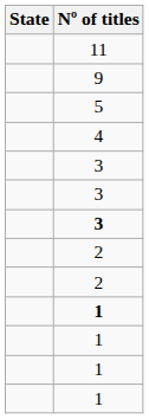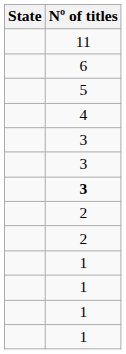 <table class="sortable wikitable">
 <tr>
 <th>State</th>
 <th>Nº of titles</th>
 </tr>
 <tr>
 <td></td>
 <td align=center>11</td>
 </tr>
 <tr>
 <td></td>
-<td align=center>9</td>
+<td align=center>6</td>
 </tr>
 <tr>
 <td></td>
 <td align=center>5</td>
 </tr>
 <tr>
 <td></td>
 <td align=center>4</td>
 </tr>
 <tr>
 <td></td>
 <td align=center>3</td>
 </tr>
 <tr>
 <td></td>
 <td align=center>3</td>
 </tr>
 <tr>
 <td></td>
 <td align=center><strong>3</strong></td>
 </tr>
 <tr>
 <td></td>
 <td align=center>2</td>
 </tr>
 <tr>
 <td></td>
 <td align=center>2</td>
 </tr>
 <tr>
 <td></td>
-<td align=center><strong>1</strong></td>
+<td align=center>1</td>
 </tr>
 <tr>
 <td></td>
 <td align=center>1</td>
 </tr>
 <tr>
 <td></td>
 <td align=center>1</td>
 </tr>
 <tr>
 <td></td>
 <td align=center>1</td>
 </tr>
 </table>
